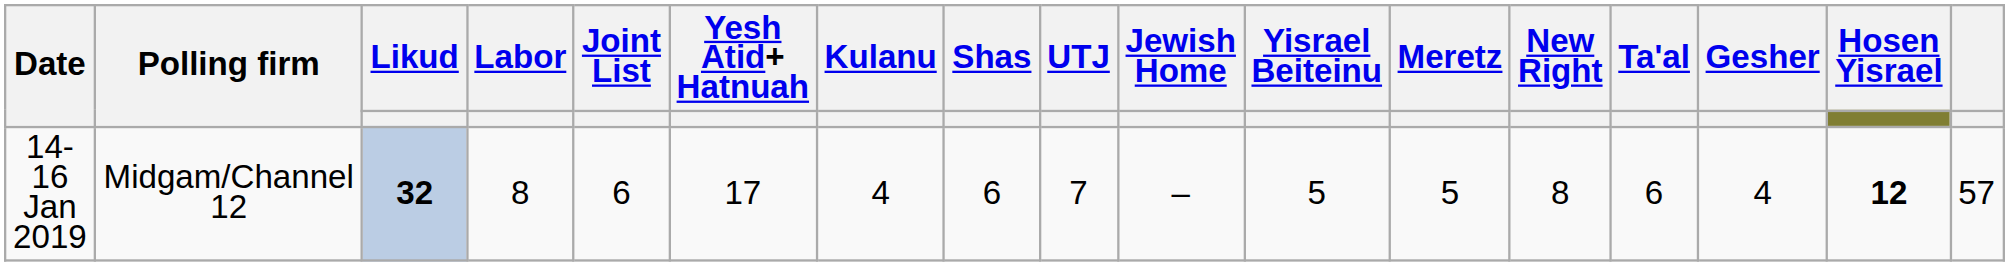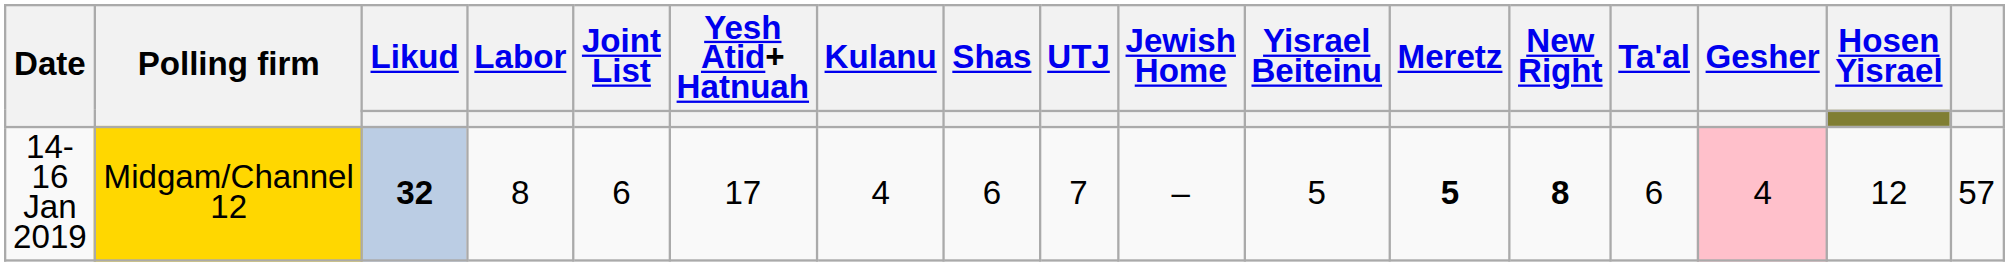 <table class="wikitable" style="text-align:center;font-size:90%;line-height:13px">
 <tr>
 <th style="width:45px;" rowspan="2">Date</th>
 <th style="width:180px;" rowspan="2">Polling firm</th>
 <th style="width:40px;"><a href='#'>Likud</a></th>
 <th style="width:40px;"><a href='#'>Labor</a></th>
 <th style="width:40px;"><a href='#'>Joint<br>List</a></th>
 <th style="width:40px;"><a href='#'>Yesh<br>Atid</a>+<br><a href='#'>Hatnuah</a></th>
 <th style="width:40px;"><a href='#'>Kulanu</a></th>
 <th style="width:40px;"><a href='#'>Shas</a></th>
 <th style="width:40px;"><a href='#'>UTJ</a></th>
 <th style="width:40px;"><a href='#'>Jewish<br>Home</a></th>
 <th style="width:40px;"><a href='#'>Yisrael<br>Beiteinu</a></th>
 <th style="width:40px;"><a href='#'>Meretz</a></th>
 <th style="width:40px;"><a href='#'>New<br>Right</a></th>
 <th style="width:40px;"><a href='#'>Ta'al</a></th>
 <th style="width:40px;"><a href='#'>Gesher</a></th>
 <th style="width:40px;"><a href='#'>Hosen<br>Yisrael</a></th>
 <th style="width:20px;"></th>
 </tr>
 <tr>
 <th style="color:inherit;background:"></th>
 <th style="color:inherit;background:"></th>
 <th style="color:inherit;background:"></th>
 <th style="color:inherit;background:"></th>
 <th style="color:inherit;background:"></th>
 <th style="color:inherit;background:"></th>
 <th style="color:inherit;background:"></th>
 <th style="color:inherit;background:"></th>
 <th style="color:inherit;background:"></th>
 <th style="color:inherit;background:"></th>
 <th style="color:inherit;background:"></th>
 <th style="color:inherit;background:"></th>
 <th style="color:inherit;background:"></th>
 <th style="color:inherit;background:#807e33; "></th>
 <th style="color:inherit;background:"></th>
 </tr>
 <tr>
 <td data-sort-value="2019-01-16">14-16 Jan 2019</td>
-<td style="text-align:center;">Midgam/Channel 12</td>
+<td style="background: gold; text-align:center;">Midgam/Channel 12</td>
 <td style="background:#BBCDE4"><strong>32</strong>	</td>
 <td>8					</td>
 <td>6					</td>
 <td>17					</td>
 <td>4					</td>
 <td>6					</td>
 <td>7					</td>
 <td>–					</td>
 <td>5					</td>
-<td>5					</td>
-<td>8					</td>
+<td><strong>5					</strong></td>
+<td><strong>8					</strong></td>
 <td>6					</td>
-<td>4					</td>
-<td><strong>12					</strong></td>
+<td style="background: pink;">4					</td>
+<td>12					</td>
 <td>57					</td>
 </tr>
 </table>
